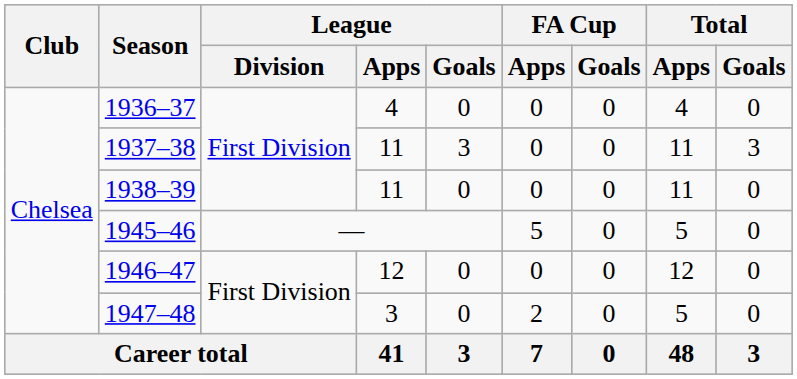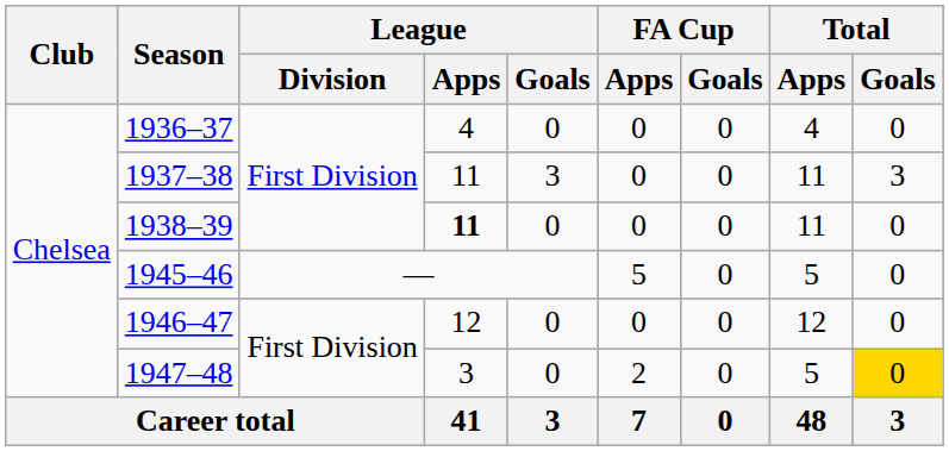 <table class="wikitable" style="text-align: center;">
 <tr>
 <th rowspan="2">Club</th>
 <th rowspan="2">Season</th>
 <th colspan="3">League</th>
 <th colspan="2">FA Cup</th>
 <th colspan="2">Total</th>
 </tr>
 <tr>
 <th>Division</th>
 <th>Apps</th>
 <th>Goals</th>
 <th>Apps</th>
 <th>Goals</th>
 <th>Apps</th>
 <th>Goals</th>
 </tr>
 <tr>
 <td rowspan="6"><a href='#'>Chelsea</a></td>
 <td><a href='#'>1936–37</a></td>
 <td rowspan="3"><a href='#'>First Division</a></td>
 <td>4</td>
 <td>0</td>
 <td>0</td>
 <td>0</td>
 <td>4</td>
 <td>0</td>
 </tr>
 <tr>
 <td><a href='#'>1937–38</a></td>
 <td>11</td>
 <td>3</td>
 <td>0</td>
 <td>0</td>
 <td>11</td>
 <td>3</td>
 </tr>
 <tr>
 <td><a href='#'>1938–39</a></td>
-<td>11</td>
+<td><strong>11</strong></td>
 <td>0</td>
 <td>0</td>
 <td>0</td>
 <td>11</td>
 <td>0</td>
 </tr>
 <tr>
 <td><a href='#'>1945–46</a></td>
 <td colspan="3">—</td>
 <td>5</td>
 <td>0</td>
 <td>5</td>
 <td>0</td>
 </tr>
 <tr>
 <td><a href='#'>1946–47</a></td>
 <td rowspan="2">First Division</td>
 <td>12</td>
 <td>0</td>
 <td>0</td>
 <td>0</td>
 <td>12</td>
 <td>0</td>
 </tr>
 <tr>
 <td><a href='#'>1947–48</a></td>
 <td>3</td>
 <td>0</td>
 <td>2</td>
 <td>0</td>
 <td>5</td>
-<td>0</td>
+<td style="background: gold;">0</td>
 </tr>
 <tr>
 <th colspan="3">Career total</th>
 <th>41</th>
 <th>3</th>
 <th>7</th>
 <th>0</th>
 <th>48</th>
 <th>3</th>
 </tr>
 </table>
